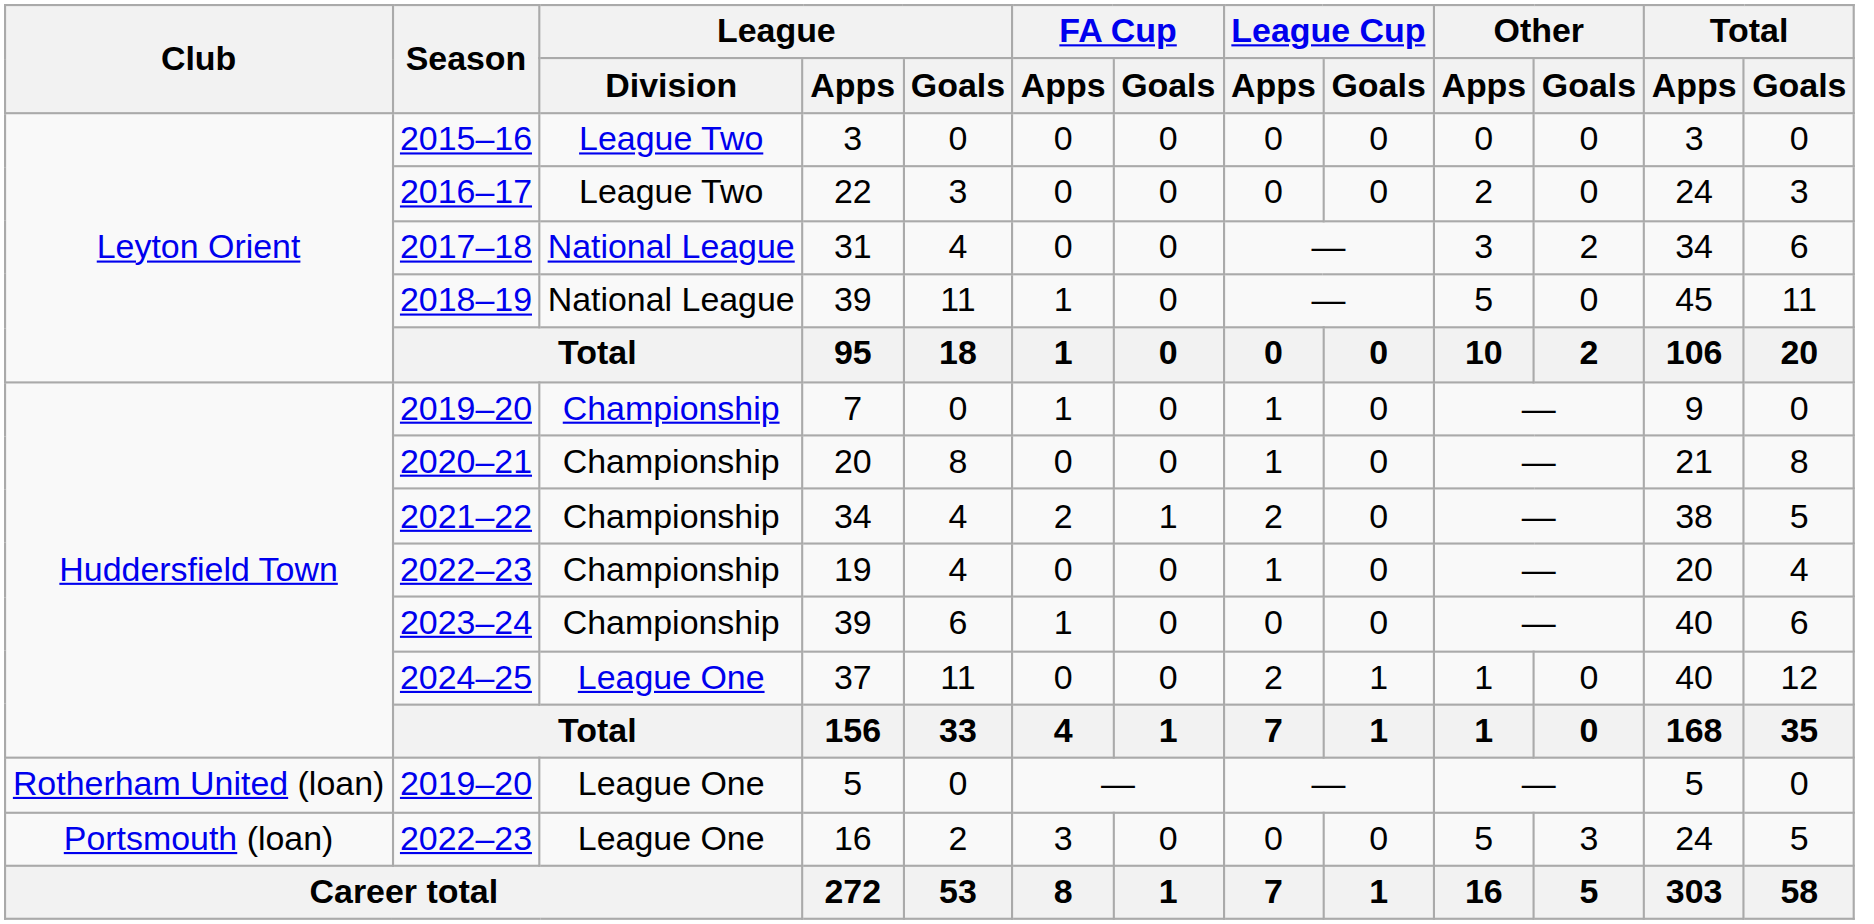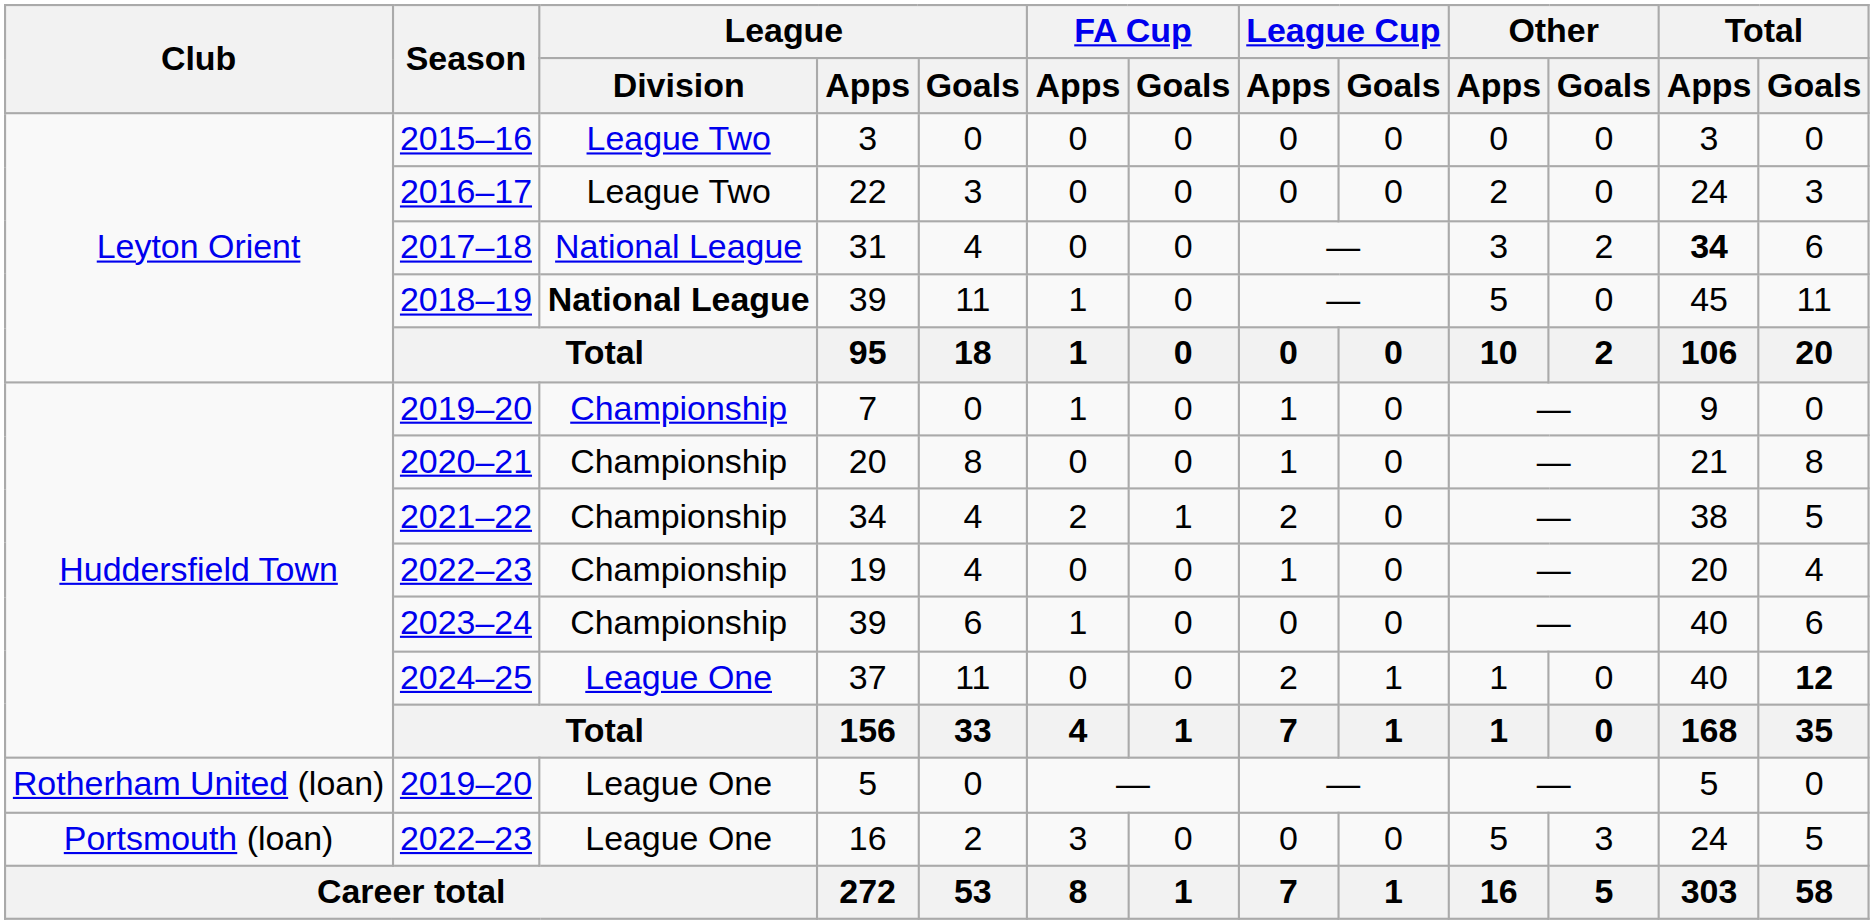 <table class=wikitable style=text-align:center>
 <tr>
 <th rowspan=2>Club</th>
 <th rowspan=2>Season</th>
 <th colspan=3>League</th>
 <th colspan=2><a href='#'>FA Cup</a></th>
 <th colspan=2><a href='#'>League Cup</a></th>
 <th colspan=2>Other</th>
 <th colspan=2>Total</th>
 </tr>
 <tr>
 <th>Division</th>
 <th>Apps</th>
 <th>Goals</th>
 <th>Apps</th>
 <th>Goals</th>
 <th>Apps</th>
 <th>Goals</th>
 <th>Apps</th>
 <th>Goals</th>
 <th>Apps</th>
 <th>Goals</th>
 </tr>
 <tr>
 <td rowspan=5><a href='#'>Leyton Orient</a></td>
 <td><a href='#'>2015–16</a></td>
 <td><a href='#'>League Two</a></td>
 <td>3</td>
 <td>0</td>
 <td>0</td>
 <td>0</td>
 <td>0</td>
 <td>0</td>
 <td>0</td>
 <td>0</td>
 <td>3</td>
 <td>0</td>
 </tr>
 <tr>
 <td><a href='#'>2016–17</a></td>
 <td>League Two</td>
 <td>22</td>
 <td>3</td>
 <td>0</td>
 <td>0</td>
 <td>0</td>
 <td>0</td>
 <td>2</td>
 <td>0</td>
 <td>24</td>
 <td>3</td>
 </tr>
 <tr>
 <td><a href='#'>2017–18</a></td>
 <td><a href='#'>National League</a></td>
 <td>31</td>
 <td>4</td>
 <td>0</td>
 <td>0</td>
 <td colspan=2>—</td>
 <td>3</td>
 <td>2</td>
-<td>34</td>
+<td><strong>34</strong></td>
 <td>6</td>
 </tr>
 <tr>
 <td><a href='#'>2018–19</a></td>
-<td>National League</td>
+<td><strong>National League</strong></td>
 <td>39</td>
 <td>11</td>
 <td>1</td>
 <td>0</td>
 <td colspan=2>—</td>
 <td>5</td>
 <td>0</td>
 <td>45</td>
 <td>11</td>
 </tr>
 <tr>
 <th colspan=2>Total</th>
 <th>95</th>
 <th>18</th>
 <th>1</th>
 <th>0</th>
 <th>0</th>
 <th>0</th>
 <th>10</th>
 <th>2</th>
 <th>106</th>
 <th>20</th>
 </tr>
 <tr>
 <td rowspan=7><a href='#'>Huddersfield Town</a></td>
 <td><a href='#'>2019–20</a></td>
 <td><a href='#'>Championship</a></td>
 <td>7</td>
 <td>0</td>
 <td>1</td>
 <td>0</td>
 <td>1</td>
 <td>0</td>
 <td colspan=2>—</td>
 <td>9</td>
 <td>0</td>
 </tr>
 <tr>
 <td><a href='#'>2020–21</a></td>
 <td>Championship</td>
 <td>20</td>
 <td>8</td>
 <td>0</td>
 <td>0</td>
 <td>1</td>
 <td>0</td>
 <td colspan=2>—</td>
 <td>21</td>
 <td>8</td>
 </tr>
 <tr>
 <td><a href='#'>2021–22</a></td>
 <td>Championship</td>
 <td>34</td>
 <td>4</td>
 <td>2</td>
 <td>1</td>
 <td>2</td>
 <td>0</td>
 <td colspan=2>—</td>
 <td>38</td>
 <td>5</td>
 </tr>
 <tr>
 <td><a href='#'>2022–23</a></td>
 <td>Championship</td>
 <td>19</td>
 <td>4</td>
 <td>0</td>
 <td>0</td>
 <td>1</td>
 <td>0</td>
 <td colspan=2>—</td>
 <td>20</td>
 <td>4</td>
 </tr>
 <tr>
 <td><a href='#'>2023–24</a></td>
 <td>Championship</td>
 <td>39</td>
 <td>6</td>
 <td>1</td>
 <td>0</td>
 <td>0</td>
 <td>0</td>
 <td colspan=2>—</td>
 <td>40</td>
 <td>6</td>
 </tr>
 <tr>
 <td><a href='#'>2024–25</a></td>
 <td><a href='#'>League One</a></td>
 <td>37</td>
 <td>11</td>
 <td>0</td>
 <td>0</td>
 <td>2</td>
 <td>1</td>
 <td>1</td>
 <td>0</td>
 <td>40</td>
-<td>12</td>
+<td><strong>12</strong></td>
 </tr>
 <tr>
 <th colspan=2>Total</th>
 <th>156</th>
 <th>33</th>
 <th>4</th>
 <th>1</th>
 <th>7</th>
 <th>1</th>
 <th>1</th>
 <th>0</th>
 <th>168</th>
 <th>35</th>
 </tr>
 <tr>
 <td><a href='#'>Rotherham United</a> (loan)</td>
 <td><a href='#'>2019–20</a></td>
 <td>League One</td>
 <td>5</td>
 <td>0</td>
 <td colspan=2>—</td>
 <td colspan=2>—</td>
 <td colspan=2>—</td>
 <td>5</td>
 <td>0</td>
 </tr>
 <tr>
 <td><a href='#'>Portsmouth</a> (loan)</td>
 <td><a href='#'>2022–23</a></td>
 <td>League One</td>
 <td>16</td>
 <td>2</td>
 <td>3</td>
 <td>0</td>
 <td>0</td>
 <td>0</td>
 <td>5</td>
 <td>3</td>
 <td>24</td>
 <td>5</td>
 </tr>
 <tr>
 <th colspan=3>Career total</th>
 <th>272</th>
 <th>53</th>
 <th>8</th>
 <th>1</th>
 <th>7</th>
 <th>1</th>
 <th>16</th>
 <th>5</th>
 <th>303</th>
 <th>58</th>
 </tr>
 </table>
